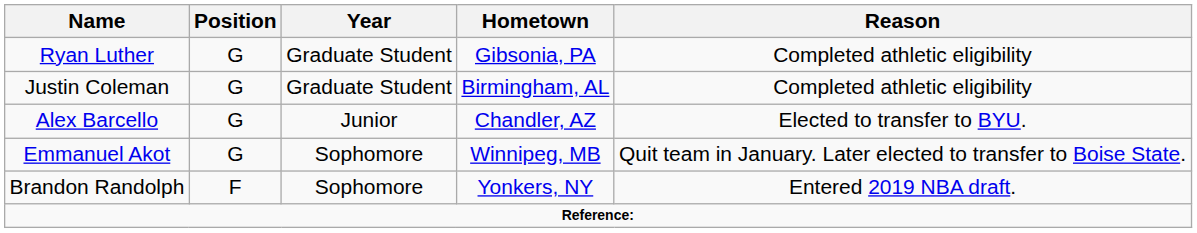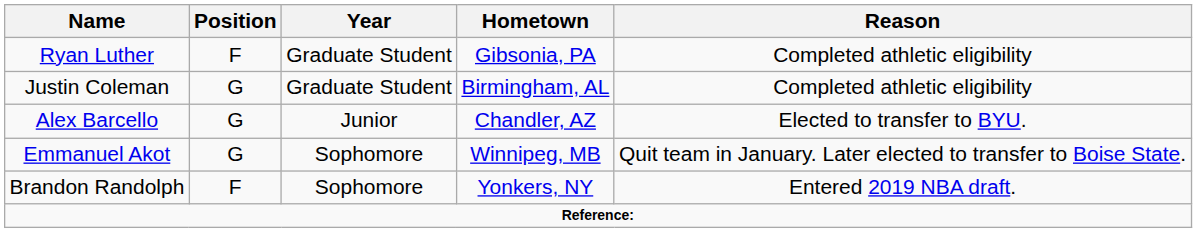 <table class="wikitable" style="text-align: center">
 <tr align=center>
 <th>Name</th>
 <th>Position</th>
 <th>Year</th>
 <th>Hometown</th>
 <th>Reason</th>
 </tr>
 <tr>
 <td><a href='#'>Ryan Luther</a></td>
-<td>G</td>
+<td>F</td>
 <td>Graduate Student</td>
 <td><a href='#'>Gibsonia, PA</a></td>
 <td>Completed athletic eligibility</td>
 </tr>
 <tr>
 <td>Justin Coleman</td>
 <td>G</td>
 <td>Graduate Student</td>
 <td><a href='#'>Birmingham, AL</a></td>
 <td>Completed athletic eligibility</td>
 </tr>
 <tr>
 <td><a href='#'>Alex Barcello</a></td>
 <td>G</td>
 <td>Junior</td>
 <td><a href='#'>Chandler, AZ</a></td>
 <td>Elected to transfer to <a href='#'>BYU</a>.</td>
 </tr>
 <tr>
 <td><a href='#'>Emmanuel Akot</a></td>
 <td>G</td>
 <td>Sophomore</td>
 <td><a href='#'>Winnipeg, MB</a></td>
 <td>Quit team in January. Later elected to transfer to <a href='#'>Boise State</a>.</td>
 </tr>
 <tr>
 <td>Brandon Randolph</td>
 <td>F</td>
 <td>Sophomore</td>
 <td><a href='#'>Yonkers, NY</a></td>
 <td>Entered <a href='#'>2019 NBA draft</a>.</td>
 </tr>
 <tr>
 <td colspan="5" style="font-size:8pt; text-align:center;"><strong>Reference:</strong></td>
 </tr>
 </table>
